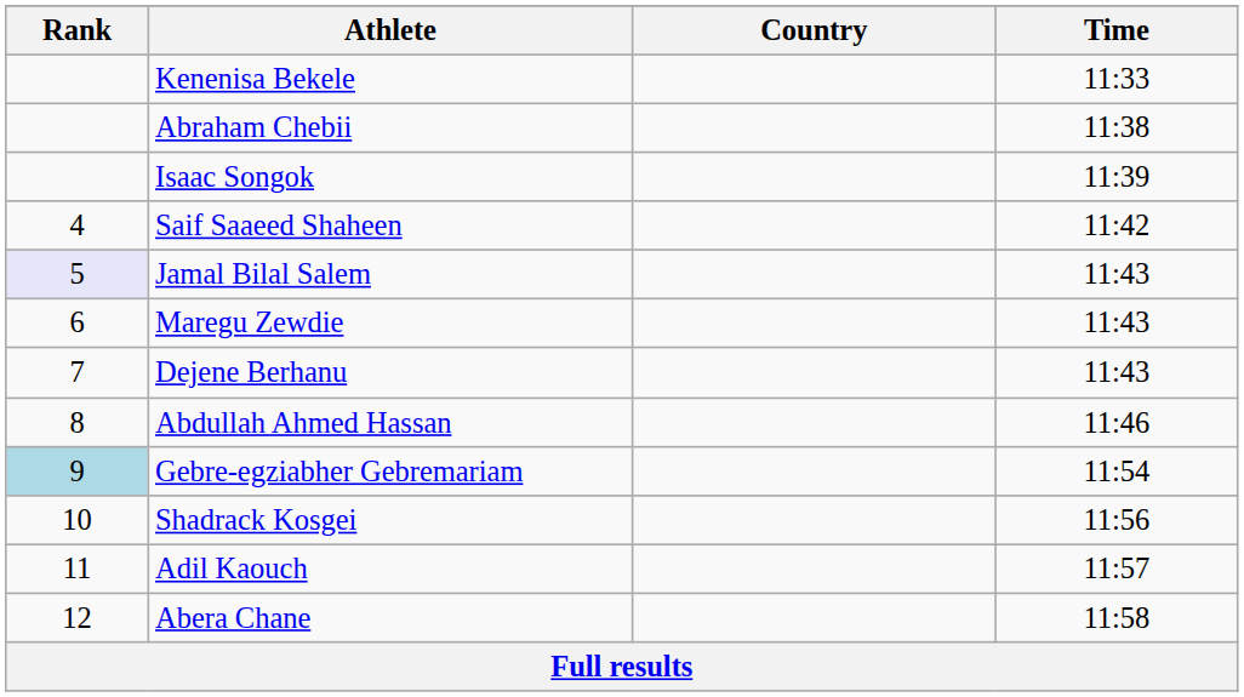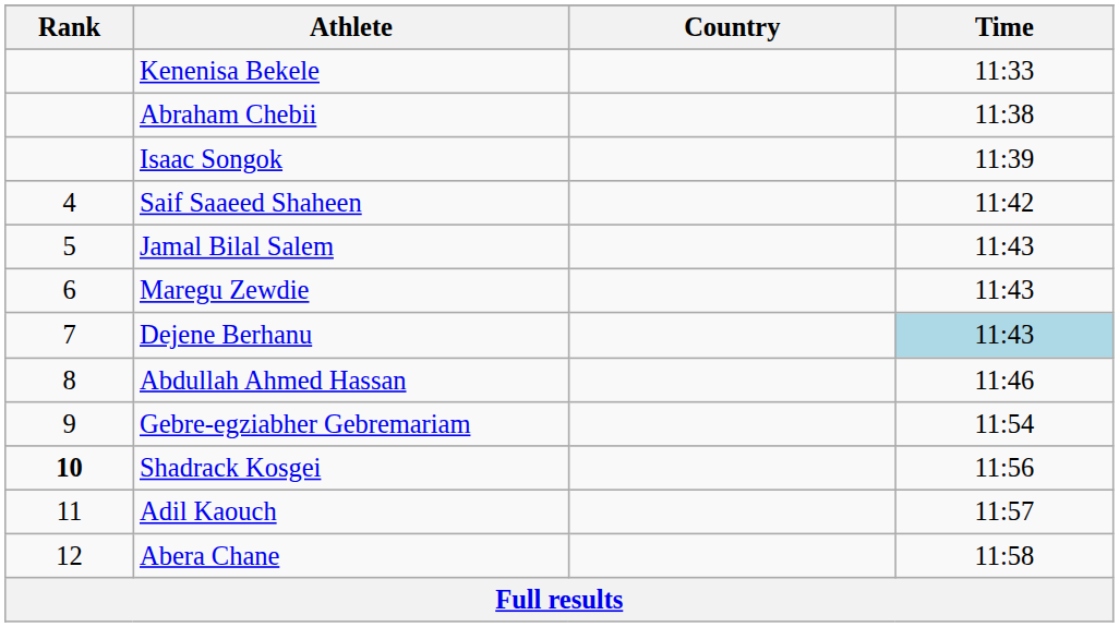 <table class="wikitable sortable" style=" text-align:center; font-size:95%;" width="50%">
 <tr>
 </tr>
 <tr>
 <th width=5%>Rank</th>
 <th width=20%>Athlete</th>
 <th width=15%>Country</th>
 <th width=10%>Time</th>
 </tr>
 <tr>
 <td align=center></td>
 <td align=left><a href='#'>Kenenisa Bekele</a></td>
 <td align=left></td>
 <td>11:33</td>
 </tr>
 <tr>
 <td align=center></td>
 <td align=left><a href='#'>Abraham Chebii</a></td>
 <td align=left></td>
 <td>11:38</td>
 </tr>
 <tr>
 <td align=center></td>
 <td align=left><a href='#'>Isaac Songok</a></td>
 <td align=left></td>
 <td>11:39</td>
 </tr>
 <tr>
 <td align=center>4</td>
 <td align=left><a href='#'>Saif Saaeed Shaheen</a></td>
 <td align=left></td>
 <td>11:42</td>
 </tr>
 <tr>
-<td align=center style="background: lavender;">5</td>
+<td align=center>5</td>
 <td align=left><a href='#'>Jamal Bilal Salem</a></td>
 <td align=left></td>
 <td>11:43</td>
 </tr>
 <tr>
 <td align=center>6</td>
 <td align=left><a href='#'>Maregu Zewdie</a></td>
 <td align=left></td>
 <td>11:43</td>
 </tr>
 <tr>
 <td align=center>7</td>
 <td align=left><a href='#'>Dejene Berhanu</a></td>
 <td align=left></td>
-<td>11:43</td>
+<td style="background: lightblue;">11:43</td>
 </tr>
 <tr>
 <td align=center>8</td>
 <td align=left><a href='#'>Abdullah Ahmed Hassan</a></td>
 <td align=left></td>
 <td>11:46</td>
 </tr>
 <tr>
-<td align=center style="background: lightblue;">9</td>
+<td align=center>9</td>
 <td align=left><a href='#'>Gebre-egziabher Gebremariam</a></td>
 <td align=left></td>
 <td>11:54</td>
 </tr>
 <tr>
-<td align=center>10</td>
+<td align=center><strong>10</strong></td>
 <td align=left><a href='#'>Shadrack Kosgei</a></td>
 <td align=left></td>
 <td>11:56</td>
 </tr>
 <tr>
 <td align=center>11</td>
 <td align=left><a href='#'>Adil Kaouch</a></td>
 <td align=left></td>
 <td>11:57</td>
 </tr>
 <tr>
 <td align=center>12</td>
 <td align=left><a href='#'>Abera Chane</a></td>
 <td align=left></td>
 <td>11:58</td>
 </tr>
 <tr class="sortbottom">
 <th colspan=4 align=center><a href='#'>Full results</a></th>
 </tr>
 </table>
